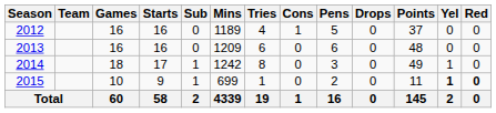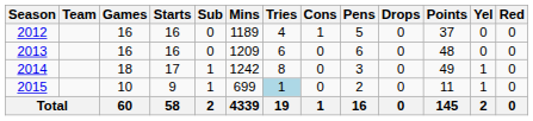 <table class="wikitable" style="text-align:center; line-height:90%; font-size:95%; width:60%;">
 <tr>
 <th>Season</th>
 <th>Team</th>
 <th>Games</th>
 <th>Starts</th>
 <th>Sub</th>
 <th>Mins</th>
 <th>Tries</th>
 <th>Cons</th>
 <th>Pens</th>
 <th>Drops</th>
 <th>Points</th>
 <th>Yel</th>
 <th>Red</th>
 </tr>
 <tr>
 <td><a href='#'>2012</a></td>
 <td></td>
 <td>16</td>
 <td>16</td>
 <td>0</td>
 <td>1189</td>
 <td>4</td>
 <td>1</td>
 <td>5</td>
 <td>0</td>
 <td>37</td>
 <td>0</td>
 <td>0</td>
 </tr>
 <tr>
 <td><a href='#'>2013</a></td>
 <td></td>
 <td>16</td>
 <td>16</td>
 <td>0</td>
 <td>1209</td>
 <td>6</td>
 <td>0</td>
 <td>6</td>
 <td>0</td>
 <td>48</td>
 <td>0</td>
 <td>0</td>
 </tr>
 <tr>
 <td><a href='#'>2014</a></td>
 <td></td>
 <td>18</td>
 <td>17</td>
 <td>1</td>
 <td>1242</td>
 <td>8</td>
 <td>0</td>
 <td>3</td>
 <td>0</td>
 <td>49</td>
 <td>1</td>
 <td>0</td>
 </tr>
 <tr>
 <td><a href='#'>2015</a></td>
 <td></td>
 <td>10</td>
 <td>9</td>
 <td>1</td>
 <td>699</td>
-<td>1</td>
+<td style="background: lightblue;">1</td>
 <td>0</td>
 <td>2</td>
 <td>0</td>
 <td>11</td>
-<td><strong>1</strong></td>
-<td><strong>0</strong></td>
+<td>1</td>
+<td>0</td>
 </tr>
 <tr>
 <th colspan="2">Total</th>
 <th>60</th>
 <th>58</th>
 <th>2</th>
 <th>4339</th>
 <th>19</th>
 <th>1</th>
 <th>16</th>
 <th>0</th>
 <th>145</th>
 <th>2</th>
 <th>0</th>
 </tr>
 </table>
